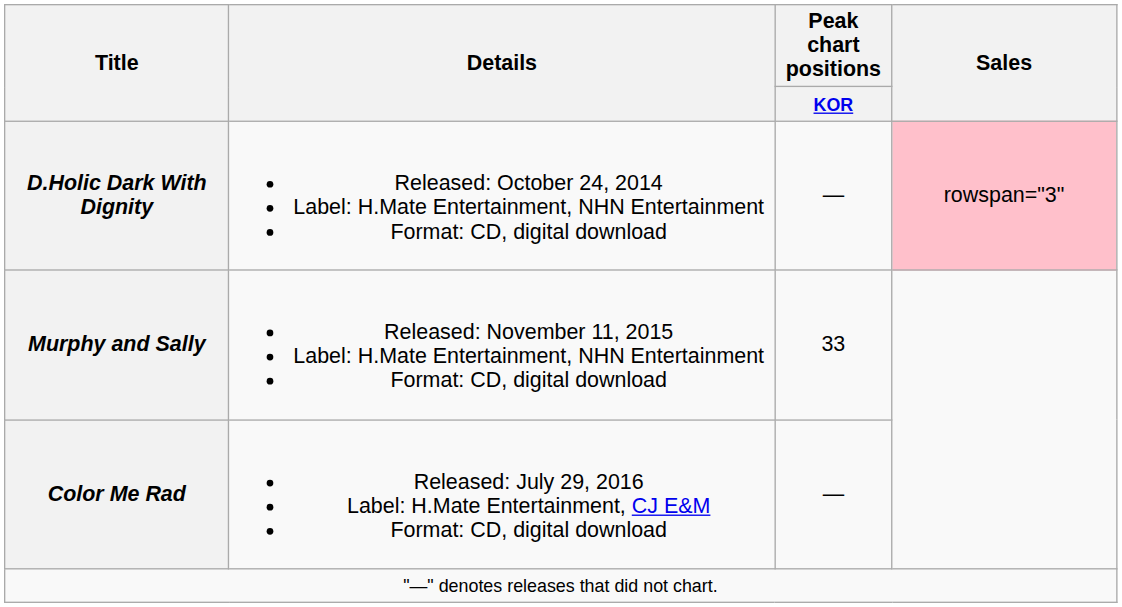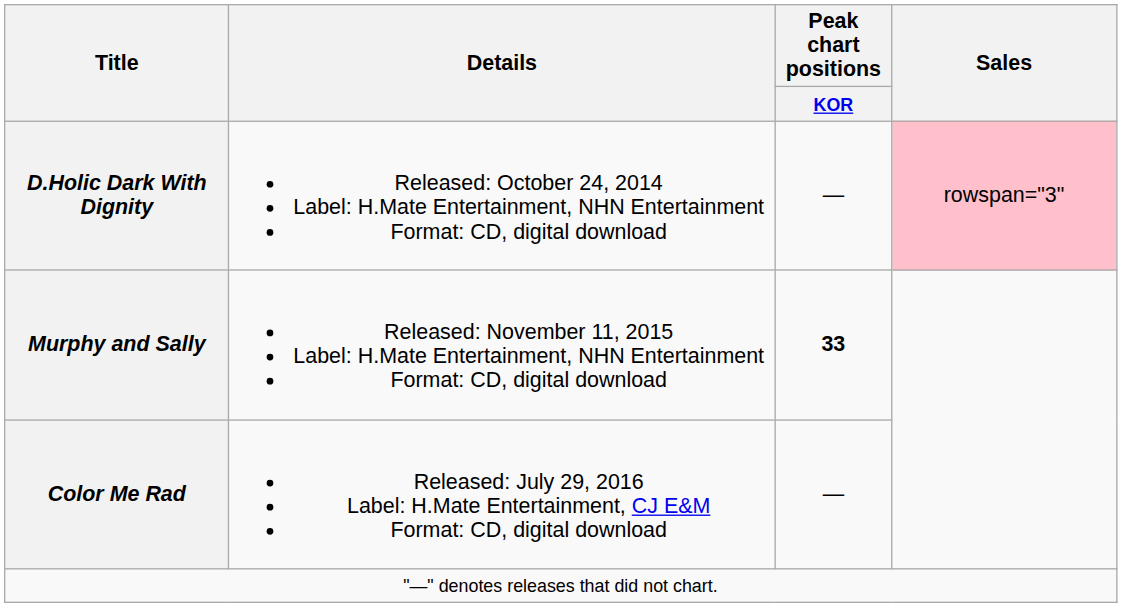 <table class="wikitable plainrowheaders" style="text-align:center;">
 <tr>
 <th scope="col" rowspan="2" style="width:10em;">Title</th>
 <th scope="col" rowspan="2" style="width:25em;">Details</th>
 <th scope="col" colspan="1" style="width:5em;">Peak chart positions</th>
 <th scope="col" rowspan="2" style="width:10em;">Sales</th>
 </tr>
 <tr>
 <th><small><a href='#'>KOR</a></small><br></th>
 </tr>
 <tr>
 <th scope="row"><em>D.Holic Dark With Dignity</em></th>
 <td><br><ul><li>Released: October 24, 2014</li><li>Label: H.Mate Entertainment, NHN Entertainment</li><li>Format: CD, digital download</li></ul></td>
 <td>—</td>
 <td style="background: pink;">rowspan="3" </td>
 </tr>
 <tr>
 <th scope="row"><em>Murphy and Sally</em></th>
 <td><br><ul><li>Released: November 11, 2015</li><li>Label: H.Mate Entertainment, NHN Entertainment</li><li>Format: CD, digital download</li></ul></td>
-<td>33</td>
+<td><strong>33</strong></td>
 </tr>
 <tr>
 <th scope="row"><em>Color Me Rad</em></th>
 <td><br><ul><li>Released: July 29, 2016</li><li>Label: H.Mate Entertainment, <a href='#'>CJ E&M</a></li><li>Format: CD, digital download</li></ul></td>
 <td>—</td>
 </tr>
 <tr>
 <td colspan="5" align="center"><small>"—" denotes releases that did not chart.</small></td>
 </tr>
 </table>
